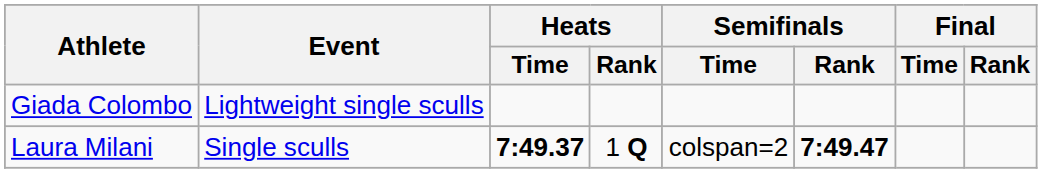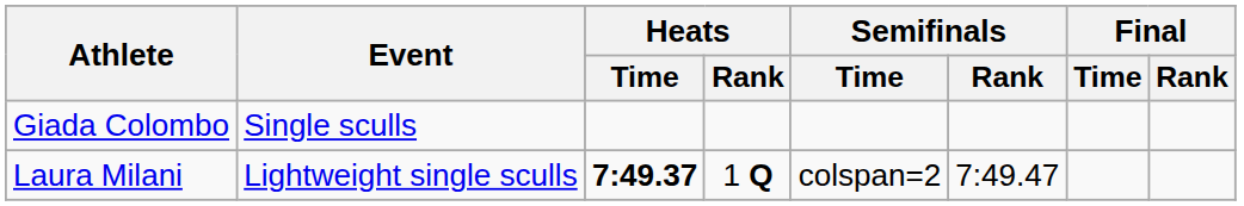 <table class=wikitable style="font-size:90%;">
 <tr>
 <th rowspan=2>Athlete</th>
 <th rowspan=2>Event</th>
 <th colspan=2>Heats</th>
 <th colspan=2>Semifinals</th>
 <th colspan=2>Final</th>
 </tr>
 <tr style="font-size:95%">
 <th>Time</th>
 <th>Rank</th>
 <th>Time</th>
 <th>Rank</th>
 <th>Time</th>
 <th>Rank</th>
 </tr>
 <tr align=center>
 <td align=left><a href='#'>Giada Colombo</a></td>
-<td align=left><a href='#'>Lightweight single sculls</a></td>
+<td align=left><a href='#'>Single sculls</a></td>
 <td></td>
 <td></td>
 <td></td>
 <td></td>
 <td></td>
 <td></td>
 </tr>
 <tr align=center>
 <td align=left><a href='#'>Laura Milani</a></td>
-<td align=left><a href='#'>Single sculls</a></td>
+<td align=left><a href='#'>Lightweight single sculls</a></td>
 <td><strong>7:49.37</strong></td>
 <td>1 <strong>Q</strong></td>
 <td>colspan=2 </td>
-<td><strong>7:49.47</strong></td>
+<td>7:49.47</td>
 <td></td>
 </tr>
 </table>
